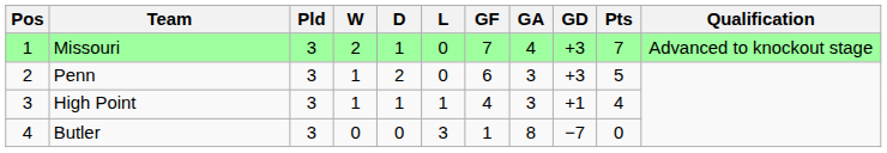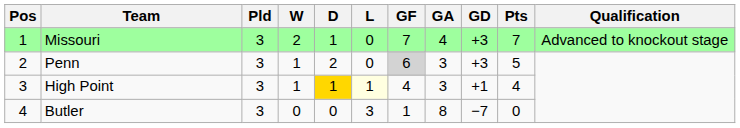 <table class="wikitable" style="text-align:center; margin: 1em auto">
 <tr>
 <th style=width:2em>Pos</th>
 <th style=width:13em>Team</th>
 <th style=width:2em>Pld</th>
 <th style=width:2em>W</th>
 <th style=width:2em>D</th>
 <th style=width:2em>L</th>
 <th style=width:2em>GF</th>
 <th style=width:2em>GA</th>
 <th style=width:2em>GD</th>
 <th style=width:2em>Pts</th>
 <th style=width:13em>Qualification</th>
 </tr>
 <tr bgcolor="#9eff9e">
 <td>1</td>
 <td style="text-align:left">Missouri</td>
 <td>3</td>
 <td>2</td>
 <td>1</td>
 <td>0</td>
 <td>7</td>
 <td>4</td>
 <td>+3</td>
 <td>7</td>
 <td>Advanced to knockout stage</td>
 </tr>
 <tr>
 <td>2</td>
 <td style="text-align:left">Penn</td>
 <td>3</td>
 <td>1</td>
 <td>2</td>
 <td>0</td>
-<td>6</td>
+<td style="background: lightgrey;">6</td>
 <td>3</td>
 <td>+3</td>
 <td>5</td>
 <td rowspan="3"></td>
 </tr>
 <tr>
 <td>3</td>
 <td style="text-align:left">High Point</td>
 <td>3</td>
 <td>1</td>
-<td>1</td>
-<td>1</td>
+<td style="background: gold;">1</td>
+<td style="background: lightyellow;">1</td>
 <td>4</td>
 <td>3</td>
 <td>+1</td>
 <td>4</td>
 </tr>
 <tr>
 <td>4</td>
 <td style="text-align:left">Butler</td>
 <td>3</td>
 <td>0</td>
 <td>0</td>
 <td>3</td>
 <td>1</td>
 <td>8</td>
 <td>−7</td>
 <td>0</td>
 </tr>
 </table>
